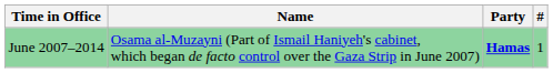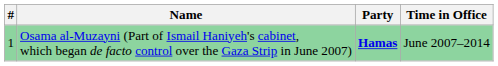 <table class="wikitable">
 <tr>
-<th>Time in Office</th>
+<th>#</th>
 <th>Name</th>
 <th>Party</th>
-<th>#</th>
+<th>Time in Office</th>
 </tr>
 <tr bgcolor="#8dd49f">
-<td>June 2007–2014</td>
+<td>1</td>
 <td><a href='#'>Osama al-Muzayni</a> (Part of <a href='#'>Ismail Haniyeh</a>'s <a href='#'>cabinet</a>,<br> which began <em>de facto</em> <a href='#'>control</a> over the <a href='#'>Gaza Strip</a> in June 2007)</td>
 <td><strong><a href='#'>Hamas</a></strong></td>
-<td>1</td>
+<td>June 2007–2014</td>
 </tr>
 </table>
